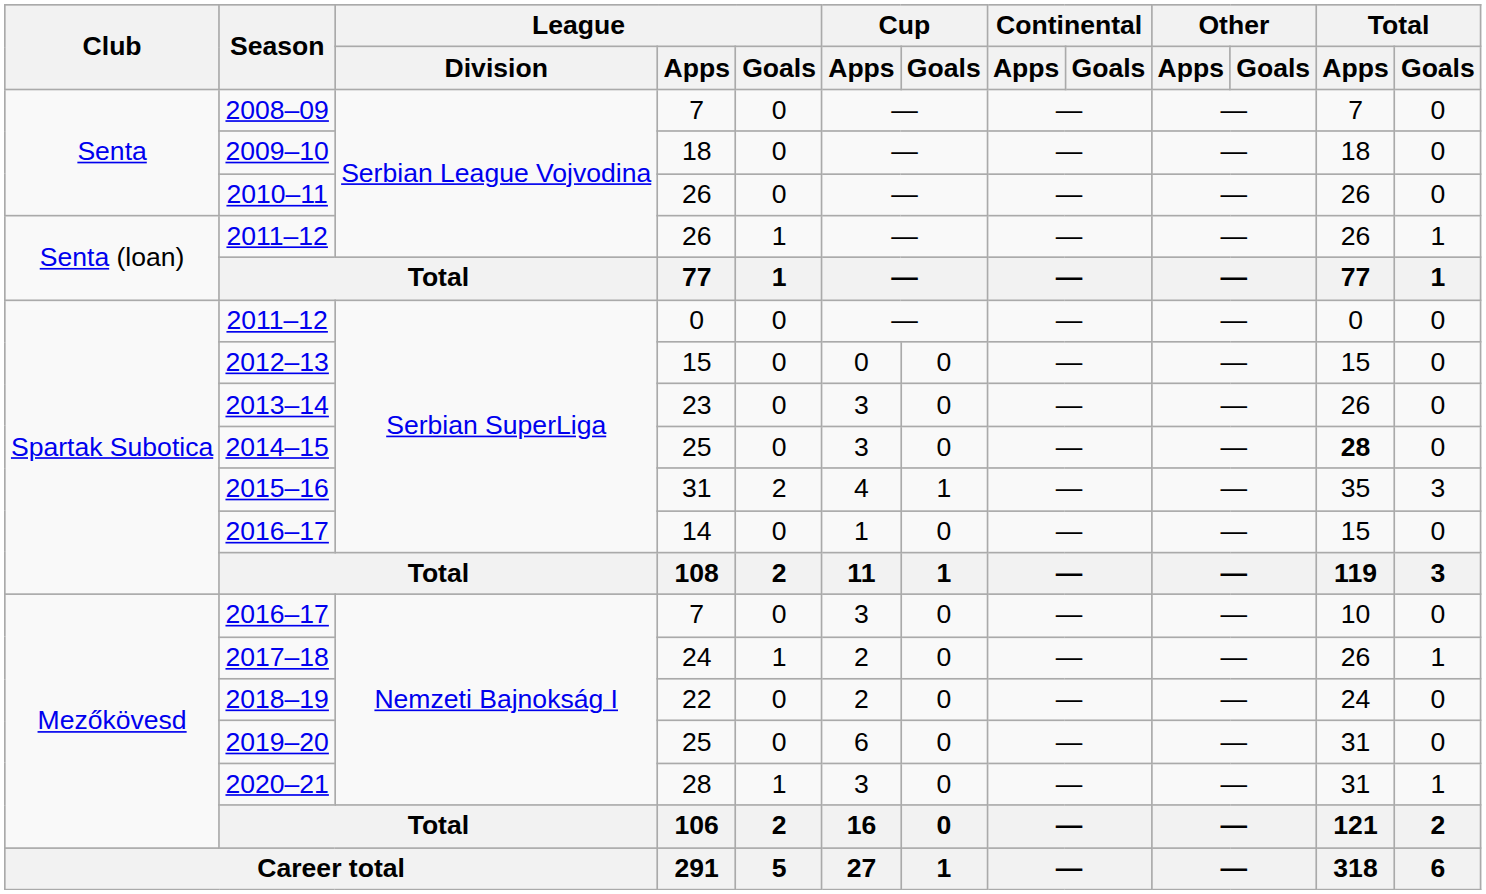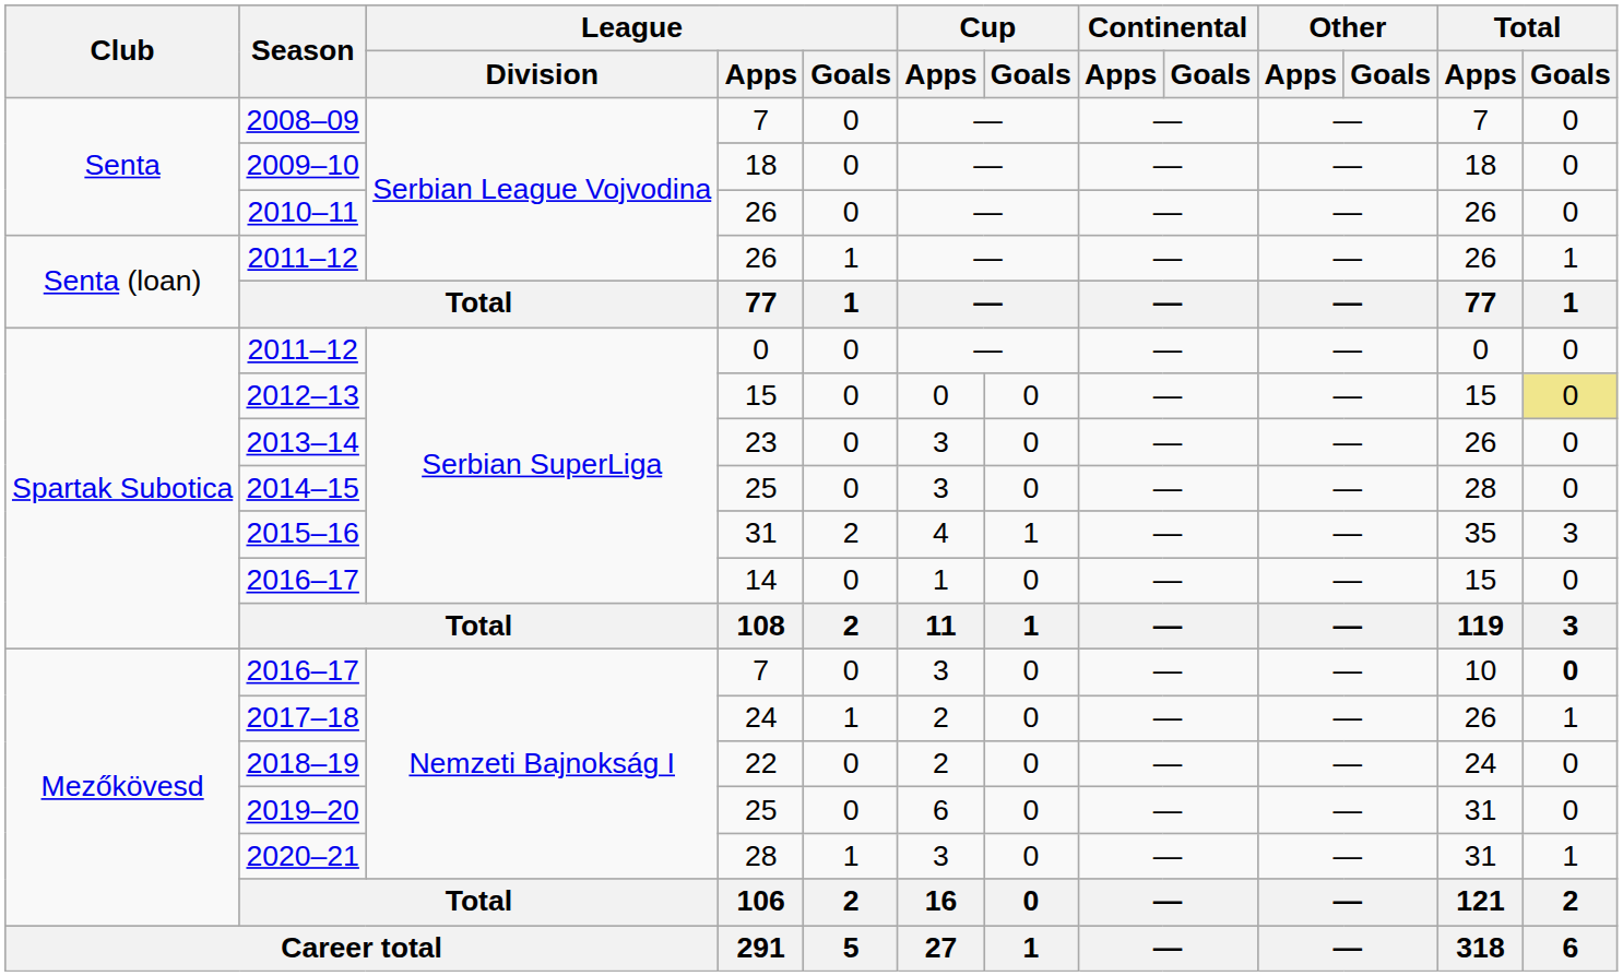 <table class="wikitable" style="text-align:center">
 <tr>
 <th rowspan="2">Club</th>
 <th rowspan="2">Season</th>
 <th colspan="3">League</th>
 <th colspan="2">Cup</th>
 <th colspan="2">Continental</th>
 <th colspan="2">Other</th>
 <th colspan="2">Total</th>
 </tr>
 <tr>
 <th>Division</th>
 <th>Apps</th>
 <th>Goals</th>
 <th>Apps</th>
 <th>Goals</th>
 <th>Apps</th>
 <th>Goals</th>
 <th>Apps</th>
 <th>Goals</th>
 <th>Apps</th>
 <th>Goals</th>
 </tr>
 <tr>
 <td rowspan="3"><a href='#'>Senta</a></td>
 <td><a href='#'>2008–09</a></td>
 <td rowspan=4><a href='#'>Serbian League Vojvodina</a></td>
 <td>7</td>
 <td>0</td>
 <td colspan="2">—</td>
 <td colspan="2">—</td>
 <td colspan="2">—</td>
 <td>7</td>
 <td>0</td>
 </tr>
 <tr>
 <td><a href='#'>2009–10</a></td>
 <td>18</td>
 <td>0</td>
 <td colspan="2">—</td>
 <td colspan="2">—</td>
 <td colspan="2">—</td>
 <td>18</td>
 <td>0</td>
 </tr>
 <tr>
 <td><a href='#'>2010–11</a></td>
 <td>26</td>
 <td>0</td>
 <td colspan="2">—</td>
 <td colspan="2">—</td>
 <td colspan="2">—</td>
 <td>26</td>
 <td>0</td>
 </tr>
 <tr>
 <td rowspan="2"><a href='#'>Senta</a> (loan)</td>
 <td><a href='#'>2011–12</a></td>
 <td>26</td>
 <td>1</td>
 <td colspan="2">—</td>
 <td colspan="2">—</td>
 <td colspan="2">—</td>
 <td>26</td>
 <td>1</td>
 </tr>
 <tr>
 <th colspan="2">Total</th>
 <th>77</th>
 <th>1</th>
 <th colspan="2">—</th>
 <th colspan="2">—</th>
 <th colspan="2">—</th>
 <th>77</th>
 <th>1</th>
 </tr>
 <tr>
 <td rowspan="7"><a href='#'>Spartak Subotica</a></td>
 <td><a href='#'>2011–12</a></td>
 <td rowspan=6><a href='#'>Serbian SuperLiga</a></td>
 <td>0</td>
 <td>0</td>
 <td colspan="2">—</td>
 <td colspan="2">—</td>
 <td colspan="2">—</td>
 <td>0</td>
 <td>0</td>
 </tr>
 <tr>
 <td><a href='#'>2012–13</a></td>
 <td>15</td>
 <td>0</td>
 <td>0</td>
 <td>0</td>
 <td colspan="2">—</td>
 <td colspan="2">—</td>
 <td>15</td>
-<td>0</td>
+<td style="background: khaki;">0</td>
 </tr>
 <tr>
 <td><a href='#'>2013–14</a></td>
 <td>23</td>
 <td>0</td>
 <td>3</td>
 <td>0</td>
 <td colspan="2">—</td>
 <td colspan="2">—</td>
 <td>26</td>
 <td>0</td>
 </tr>
 <tr>
 <td><a href='#'>2014–15</a></td>
 <td>25</td>
 <td>0</td>
 <td>3</td>
 <td>0</td>
 <td colspan="2">—</td>
 <td colspan="2">—</td>
-<td><strong>28</strong></td>
+<td>28</td>
 <td>0</td>
 </tr>
 <tr>
 <td><a href='#'>2015–16</a></td>
 <td>31</td>
 <td>2</td>
 <td>4</td>
 <td>1</td>
 <td colspan="2">—</td>
 <td colspan="2">—</td>
 <td>35</td>
 <td>3</td>
 </tr>
 <tr>
 <td><a href='#'>2016–17</a></td>
 <td>14</td>
 <td>0</td>
 <td>1</td>
 <td>0</td>
 <td colspan="2">—</td>
 <td colspan="2">—</td>
 <td>15</td>
 <td>0</td>
 </tr>
 <tr>
 <th colspan="2">Total</th>
 <th>108</th>
 <th>2</th>
 <th>11</th>
 <th>1</th>
 <th colspan="2">—</th>
 <th colspan="2">—</th>
 <th>119</th>
 <th>3</th>
 </tr>
 <tr>
 <td rowspan="6"><a href='#'>Mezőkövesd</a></td>
 <td><a href='#'>2016–17</a></td>
 <td rowspan=5><a href='#'>Nemzeti Bajnokság I</a></td>
 <td>7</td>
 <td>0</td>
 <td>3</td>
 <td>0</td>
 <td colspan="2">—</td>
 <td colspan="2">—</td>
 <td>10</td>
-<td>0</td>
+<td><strong>0</strong></td>
 </tr>
 <tr>
 <td><a href='#'>2017–18</a></td>
 <td>24</td>
 <td>1</td>
 <td>2</td>
 <td>0</td>
 <td colspan="2">—</td>
 <td colspan="2">—</td>
 <td>26</td>
 <td>1</td>
 </tr>
 <tr>
 <td><a href='#'>2018–19</a></td>
 <td>22</td>
 <td>0</td>
 <td>2</td>
 <td>0</td>
 <td colspan="2">—</td>
 <td colspan="2">—</td>
 <td>24</td>
 <td>0</td>
 </tr>
 <tr>
 <td><a href='#'>2019–20</a></td>
 <td>25</td>
 <td>0</td>
 <td>6</td>
 <td>0</td>
 <td colspan="2">—</td>
 <td colspan="2">—</td>
 <td>31</td>
 <td>0</td>
 </tr>
 <tr>
 <td><a href='#'>2020–21</a></td>
 <td>28</td>
 <td>1</td>
 <td>3</td>
 <td>0</td>
 <td colspan="2">—</td>
 <td colspan="2">—</td>
 <td>31</td>
 <td>1</td>
 </tr>
 <tr>
 <th colspan="2">Total</th>
 <th>106</th>
 <th>2</th>
 <th>16</th>
 <th>0</th>
 <th colspan="2">—</th>
 <th colspan="2">—</th>
 <th>121</th>
 <th>2</th>
 </tr>
 <tr>
 <th colspan="3">Career total</th>
 <th>291</th>
 <th>5</th>
 <th>27</th>
 <th>1</th>
 <th colspan="2">—</th>
 <th colspan="2">—</th>
 <th>318</th>
 <th>6</th>
 </tr>
 </table>
